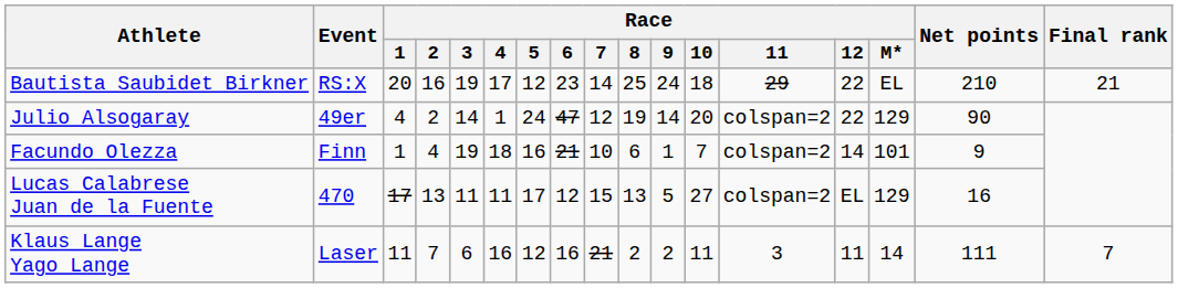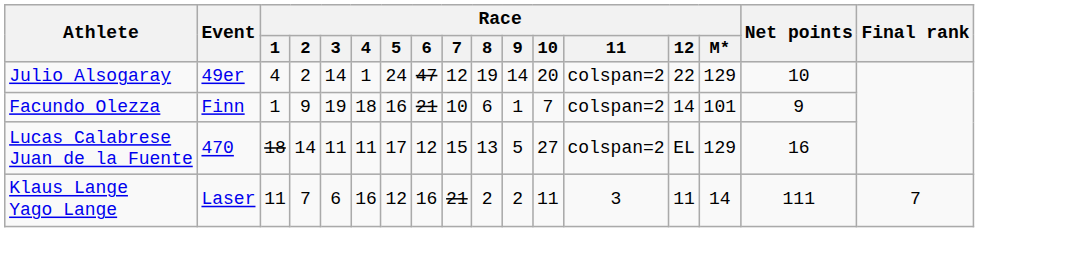 <table class="wikitable" style="font-size:90%">
 <tr>
 <th rowspan="2">Athlete</th>
 <th rowspan="2">Event</th>
 <th colspan=13>Race</th>
 <th rowspan=2>Net points</th>
 <th rowspan=2>Final rank</th>
 </tr>
 <tr style="font-size:95%">
 <th>1</th>
 <th>2</th>
 <th>3</th>
 <th>4</th>
 <th>5</th>
 <th>6</th>
 <th>7</th>
 <th>8</th>
 <th>9</th>
 <th>10</th>
 <th>11</th>
 <th>12</th>
 <th>M*</th>
 </tr>
 <tr align=center>
-<td align=left><a href='#'>Bautista Saubidet Birkner</a></td>
-<td align=left><a href='#'>RS:X</a></td>
-<td>20</td>
-<td>16</td>
-<td>19</td>
-<td>17</td>
-<td>12</td>
-<td>23</td>
-<td>14</td>
-<td>25</td>
-<td>24</td>
-<td>18</td>
-<td><s>29</s></td>
-<td>22</td>
-<td>EL</td>
-<td>210</td>
-<td>21</td>
-</tr>
-<tr align=center>
 <td align=left><a href='#'>Julio Alsogaray</a></td>
 <td align=left><a href='#'>49er</a></td>
 <td>4</td>
 <td>2</td>
 <td>14</td>
 <td>1</td>
 <td>24</td>
 <td><s>47</s></td>
 <td>12</td>
 <td>19</td>
 <td>14</td>
 <td>20</td>
 <td>colspan=2 </td>
 <td>22</td>
 <td>129</td>
-<td>90</td>
+<td>10</td>
 </tr>
 <tr align=center>
 <td align=left><a href='#'>Facundo Olezza</a></td>
 <td align=left><a href='#'>Finn</a></td>
 <td>1</td>
-<td>4</td>
+<td>9</td>
 <td>19</td>
 <td>18</td>
 <td>16</td>
 <td><s>21</s></td>
 <td>10</td>
 <td>6</td>
 <td>1</td>
 <td>7</td>
 <td>colspan=2 </td>
 <td>14</td>
 <td>101</td>
 <td>9</td>
 </tr>
 <tr align=center>
 <td align=left><a href='#'>Lucas Calabrese</a><br><a href='#'>Juan de la Fuente</a></td>
 <td align=left><a href='#'>470</a></td>
-<td><s>17</s></td>
-<td>13</td>
+<td><s>18</s></td>
+<td>14</td>
 <td>11</td>
 <td>11</td>
 <td>17</td>
 <td>12</td>
 <td>15</td>
 <td>13</td>
 <td>5</td>
 <td>27</td>
 <td>colspan=2 </td>
 <td>EL</td>
 <td>129</td>
 <td>16</td>
 </tr>
 <tr align=center>
 <td align=left><a href='#'>Klaus Lange</a><br><a href='#'>Yago Lange</a></td>
 <td align=left><a href='#'>Laser</a></td>
 <td>11</td>
 <td>7</td>
 <td>6</td>
 <td>16</td>
 <td>12</td>
 <td>16</td>
 <td><s>21</s></td>
 <td>2</td>
 <td>2</td>
 <td>11</td>
 <td>3</td>
 <td>11</td>
 <td>14</td>
 <td>111</td>
 <td>7</td>
 </tr>
 </table>
